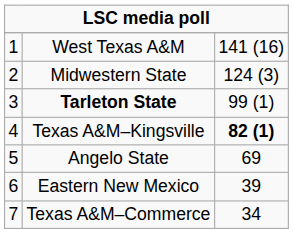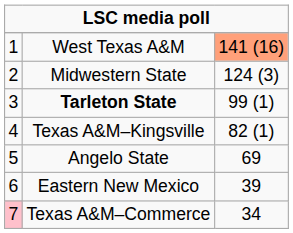 <table class="wikitable" style="display: inline-table;">
 <tr>
 <td align="center" Colspan="3"><strong>LSC media poll</strong></td>
 </tr>
 <tr align="center">
 </tr>
 <tr align="center">
 <td>1</td>
 <td>West Texas A&M</td>
-<td>141 (16)</td>
+<td style="background: lightsalmon;">141 (16)</td>
 </tr>
 <tr align="center">
 <td>2</td>
 <td>Midwestern State</td>
 <td>124 (3)</td>
 </tr>
 <tr align="center">
 <td>3</td>
 <td><strong>Tarleton State</strong></td>
 <td>99 (1)</td>
 </tr>
 <tr align="center">
 <td>4</td>
 <td>Texas A&M–Kingsville</td>
-<td><strong>82 (1)</strong></td>
+<td>82 (1)</td>
 </tr>
 <tr align="center">
 <td>5</td>
 <td>Angelo State</td>
 <td>69</td>
 </tr>
 <tr align="center">
 <td>6</td>
 <td>Eastern New Mexico</td>
 <td>39</td>
 </tr>
 <tr align="center">
-<td>7</td>
+<td style="background: pink;">7</td>
 <td>Texas A&M–Commerce</td>
 <td>34</td>
 </tr>
 </table>
